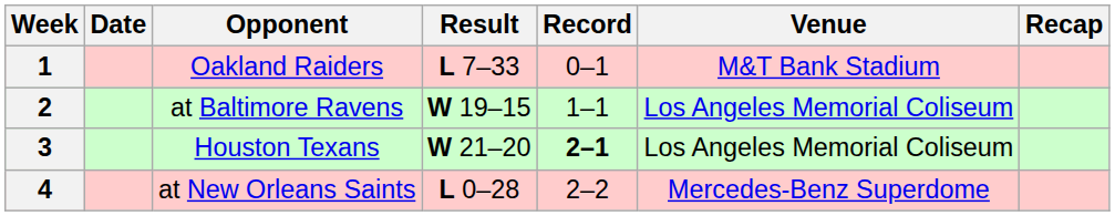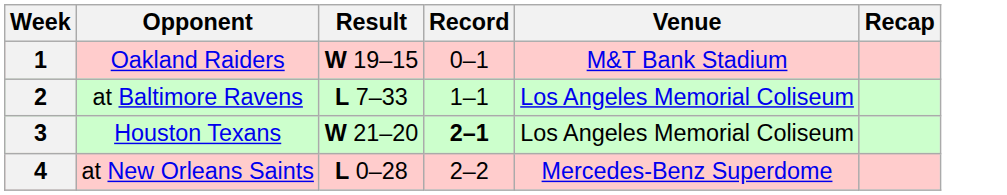 <table class="wikitable" style="text-align:center">
 <tr>
 <th>Week</th>
-<th>Date</th>
 <th>Opponent</th>
 <th>Result</th>
 <th>Record</th>
 <th>Venue</th>
 <th>Recap</th>
 </tr>
 <tr style="background:#fcc">
 <th>1</th>
-<td></td>
 <td><a href='#'>Oakland Raiders</a></td>
-<td><strong>L</strong> 7–33</td>
+<td><strong>W</strong> 19–15</td>
 <td>0–1</td>
 <td><a href='#'>M&T Bank Stadium</a></td>
 <td></td>
 </tr>
 <tr style="background:#cfc">
 <th>2</th>
-<td></td>
 <td>at <a href='#'>Baltimore Ravens</a></td>
-<td><strong>W</strong> 19–15</td>
+<td><strong>L</strong> 7–33</td>
 <td>1–1</td>
 <td><a href='#'>Los Angeles Memorial Coliseum</a></td>
 <td></td>
 </tr>
 <tr style="background:#cfc">
 <th>3</th>
-<td></td>
 <td><a href='#'>Houston Texans</a></td>
 <td><strong>W</strong> 21–20</td>
 <td><strong>2–1</strong></td>
 <td>Los Angeles Memorial Coliseum</td>
 <td></td>
 </tr>
 <tr style="background:#fcc">
 <th>4</th>
-<td></td>
 <td>at <a href='#'>New Orleans Saints</a></td>
 <td><strong>L</strong> 0–28</td>
 <td>2–2</td>
 <td><a href='#'>Mercedes-Benz Superdome</a></td>
 <td></td>
 </tr>
 </table>
